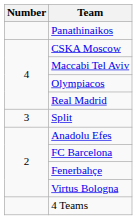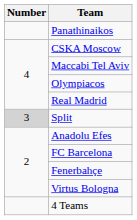 <table class="wikitable sortable">
 <tr>
 <th>Number</th>
 <th>Team</th>
 </tr>
 <tr>
 <td></td>
 <td> <a href='#'>Panathinaikos</a></td>
 </tr>
 <tr>
 <td rowspan="4" style="text-align:center;">4</td>
 <td> <a href='#'>CSKA Moscow</a></td>
 </tr>
 <tr>
 <td> <a href='#'>Maccabi Tel Aviv</a></td>
 </tr>
 <tr>
 <td> <a href='#'>Olympiacos</a></td>
 </tr>
 <tr>
 <td> <a href='#'>Real Madrid</a></td>
 </tr>
 <tr>
-<td rowspan="1" style="text-align:center;">3</td>
+<td rowspan="1" style="background: lightgrey; text-align:center;">3</td>
 <td> <a href='#'>Split</a></td>
 </tr>
 <tr>
 <td rowspan="4" style="text-align:center;">2</td>
 <td> <a href='#'>Anadolu Efes</a></td>
 </tr>
 <tr>
 <td> <a href='#'>FC Barcelona</a></td>
 </tr>
 <tr>
 <td> <a href='#'>Fenerbahçe</a></td>
 </tr>
 <tr>
 <td> <a href='#'>Virtus Bologna</a></td>
 </tr>
 <tr>
 <td></td>
 <td>4 Teams</td>
 </tr>
 </table>
